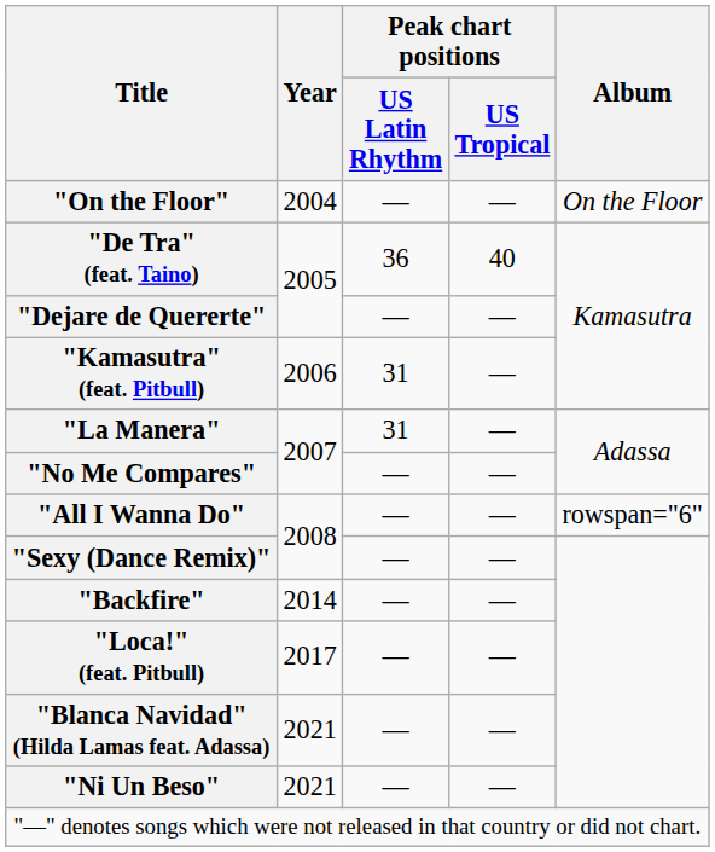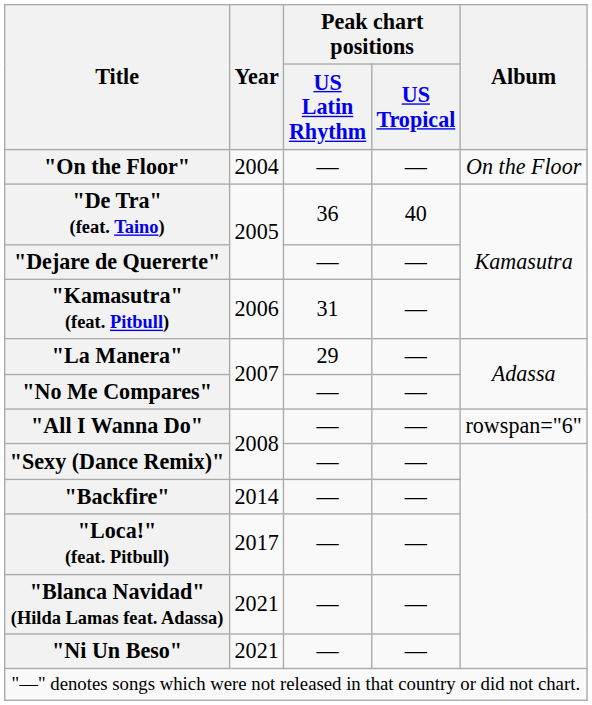 <table class="wikitable plainrowheaders" style="text-align:center;">
 <tr>
 <th scope="col" rowspan="2">Title</th>
 <th scope="col" rowspan="2">Year</th>
 <th scope="col" colspan="2">Peak chart positions</th>
 <th scope="col" rowspan="2">Album</th>
 </tr>
 <tr>
 <th width="40"><a href='#'>US<br>Latin<br>Rhythm</a><br></th>
 <th width="40"><a href='#'>US<br>Tropical</a><br></th>
 </tr>
 <tr>
 <th scope="row">"On the Floor"</th>
 <td>2004</td>
 <td>—</td>
 <td>—</td>
 <td><em>On the Floor</em></td>
 </tr>
 <tr>
 <th scope="row">"De Tra"<br><small>(feat. <a href='#'>Taino</a>)</small></th>
 <td rowspan="2">2005</td>
 <td>36</td>
 <td>40</td>
 <td rowspan="3"><em>Kamasutra</em></td>
 </tr>
 <tr>
 <th scope="row">"Dejare de Quererte"</th>
 <td>—</td>
 <td>—</td>
 </tr>
 <tr>
 <th scope="row">"Kamasutra"<br><small>(feat. <a href='#'>Pitbull</a>)</small></th>
 <td>2006</td>
 <td>31</td>
 <td>—</td>
 </tr>
 <tr>
 <th scope="row">"La Manera"</th>
 <td rowspan="2">2007</td>
-<td>31</td>
+<td>29</td>
 <td>—</td>
 <td rowspan="2"><em>Adassa</em></td>
 </tr>
 <tr>
 <th scope="row">"No Me Compares"</th>
 <td>—</td>
 <td>—</td>
 </tr>
 <tr>
 <th scope="row">"All I Wanna Do"</th>
 <td rowspan="2">2008</td>
 <td>—</td>
 <td>—</td>
 <td>rowspan="6" </td>
 </tr>
 <tr>
 <th scope="row">"Sexy (Dance Remix)"</th>
 <td>—</td>
 <td>—</td>
 </tr>
 <tr>
 <th scope="row">"Backfire"</th>
 <td>2014</td>
 <td>—</td>
 <td>—</td>
 </tr>
 <tr>
 <th scope="row">"Loca!"<br><small>(feat. Pitbull)</small></th>
 <td>2017</td>
 <td>—</td>
 <td>—</td>
 </tr>
 <tr>
 <th scope="row">"Blanca Navidad"<br><small>(Hilda Lamas feat. Adassa)</small></th>
 <td>2021</td>
 <td>—</td>
 <td>—</td>
 </tr>
 <tr>
 <th scope="row">"Ni Un Beso"<br></th>
 <td>2021</td>
 <td>—</td>
 <td>—</td>
 </tr>
 <tr>
 <td colspan="5" style="font-size:85%;">"—" denotes songs which were not released in that country or did not chart.</td>
 </tr>
 </table>
